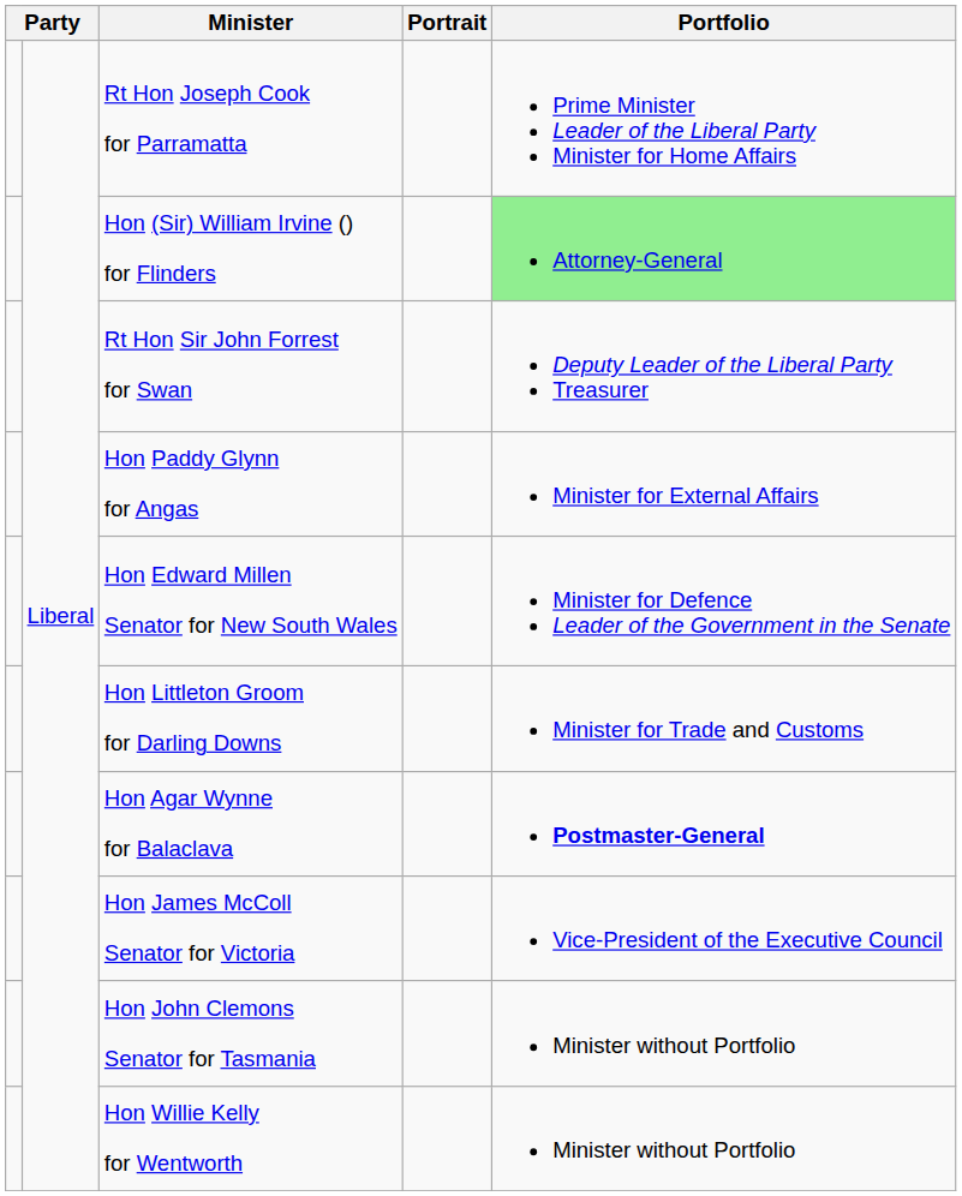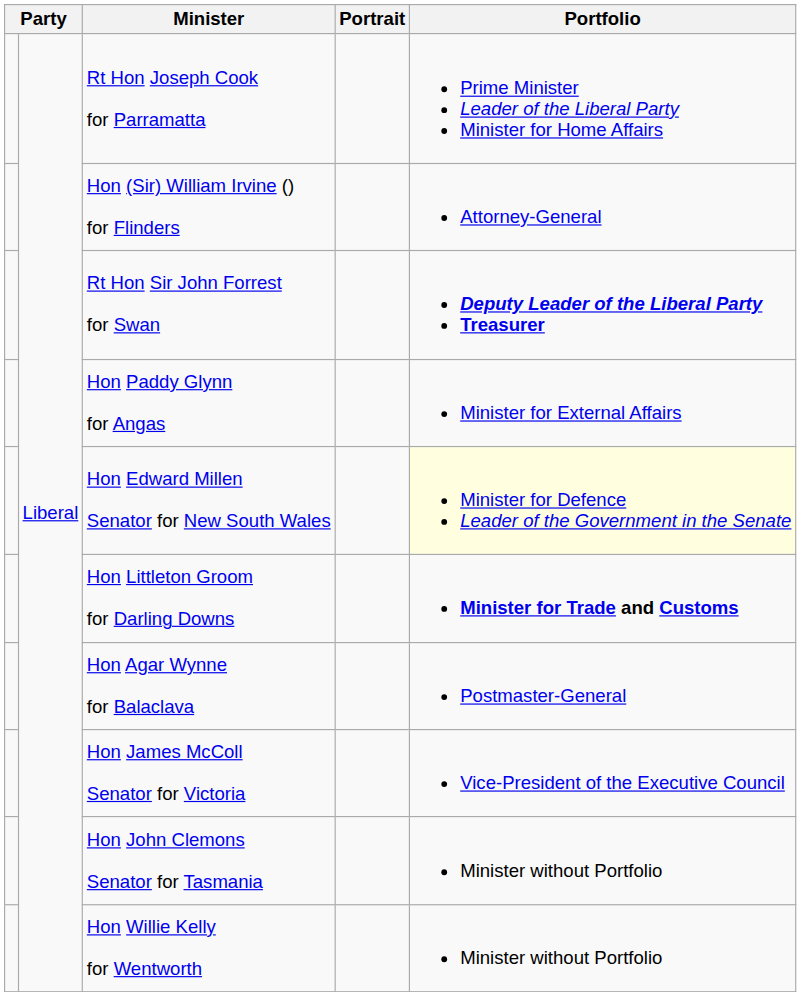 <table class="wikitable sortable">
 <tr>
 <th colspan="2">Party</th>
 <th>Minister</th>
 <th>Portrait</th>
 <th>Portfolio</th>
 </tr>
 <tr>
 <td> </td>
 <td rowspan=10><a href='#'>Liberal</a></td>
 <td><a href='#'>Rt Hon</a> <a href='#'>Joseph Cook</a> <br><br> for <a href='#'>Parramatta</a> <br></td>
 <td></td>
 <td><br><ul><li><a href='#'>Prime Minister</a></li><li><em><a href='#'>Leader of the Liberal Party</a></em></li><li><a href='#'>Minister for Home Affairs</a></li></ul></td>
 </tr>
 <tr>
 <td> </td>
 <td><a href='#'>Hon</a> <a href='#'>(Sir) William Irvine</a> ()  <br><br> for <a href='#'>Flinders</a> <br></td>
 <td></td>
-<td style="background: lightgreen;"><br><ul><li><a href='#'>Attorney-General</a></li></ul></td>
+<td><br><ul><li><a href='#'>Attorney-General</a></li></ul></td>
 </tr>
 <tr>
 <td> </td>
 <td><a href='#'>Rt Hon</a> <a href='#'>Sir John Forrest</a>  <br><br> for <a href='#'>Swan</a> <br></td>
 <td></td>
-<td><br><ul><li><em><a href='#'>Deputy Leader of the Liberal Party</a></em></li><li><a href='#'>Treasurer</a></li></ul></td>
+<td><strong><br><ul><li><em><a href='#'>Deputy Leader of the Liberal Party</a></em></li><li><a href='#'>Treasurer</a></li></ul></strong></td>
 </tr>
 <tr>
 <td> </td>
 <td><a href='#'>Hon</a> <a href='#'>Paddy Glynn</a>  <br><br> for <a href='#'>Angas</a> <br></td>
 <td></td>
 <td><br><ul><li><a href='#'>Minister for External Affairs</a></li></ul></td>
 </tr>
 <tr>
 <td> </td>
 <td><a href='#'>Hon</a> <a href='#'>Edward Millen</a> <br><br><a href='#'>Senator</a> for <a href='#'>New South Wales</a> <br></td>
 <td></td>
-<td><br><ul><li><a href='#'>Minister for Defence</a></li><li><em><a href='#'>Leader of the Government in the Senate</a></em></li></ul></td>
+<td style="background: lightyellow;"><br><ul><li><a href='#'>Minister for Defence</a></li><li><em><a href='#'>Leader of the Government in the Senate</a></em></li></ul></td>
 </tr>
 <tr>
 <td> </td>
 <td><a href='#'>Hon</a> <a href='#'>Littleton Groom</a> <br><br> for <a href='#'>Darling Downs</a> <br></td>
 <td></td>
-<td><br><ul><li><a href='#'>Minister for Trade</a> and <a href='#'>Customs</a></li></ul></td>
+<td><strong><br><ul><li><a href='#'>Minister for Trade</a> and <a href='#'>Customs</a></li></ul></strong></td>
 </tr>
 <tr>
 <td> </td>
 <td><a href='#'>Hon</a> <a href='#'>Agar Wynne</a> <br><br> for <a href='#'>Balaclava</a> <br></td>
 <td></td>
-<td><strong><br><ul><li><a href='#'>Postmaster-General</a></li></ul></strong></td>
+<td><br><ul><li><a href='#'>Postmaster-General</a></li></ul></td>
 </tr>
 <tr>
 <td> </td>
 <td><a href='#'>Hon</a> <a href='#'>James McColl</a> <br><br><a href='#'>Senator</a> for <a href='#'>Victoria</a> <br></td>
 <td></td>
 <td><br><ul><li><a href='#'>Vice-President of the Executive Council</a></li></ul></td>
 </tr>
 <tr>
 <td> </td>
 <td><a href='#'>Hon</a> <a href='#'>John Clemons</a> <br><br><a href='#'>Senator</a> for <a href='#'>Tasmania</a> <br></td>
 <td></td>
 <td><br><ul><li>Minister without Portfolio</li></ul></td>
 </tr>
 <tr>
 <td> </td>
 <td><a href='#'>Hon</a> <a href='#'>Willie Kelly</a> <br><br> for <a href='#'>Wentworth</a> <br></td>
 <td></td>
 <td><br><ul><li>Minister without Portfolio</li></ul></td>
 </tr>
 </table>
